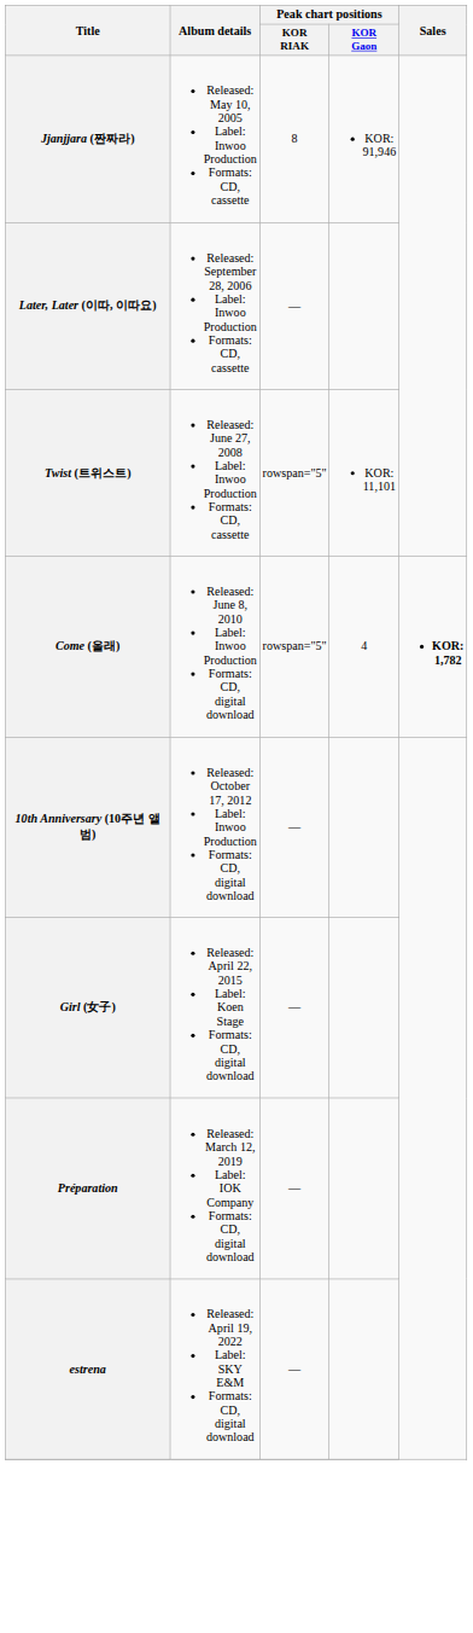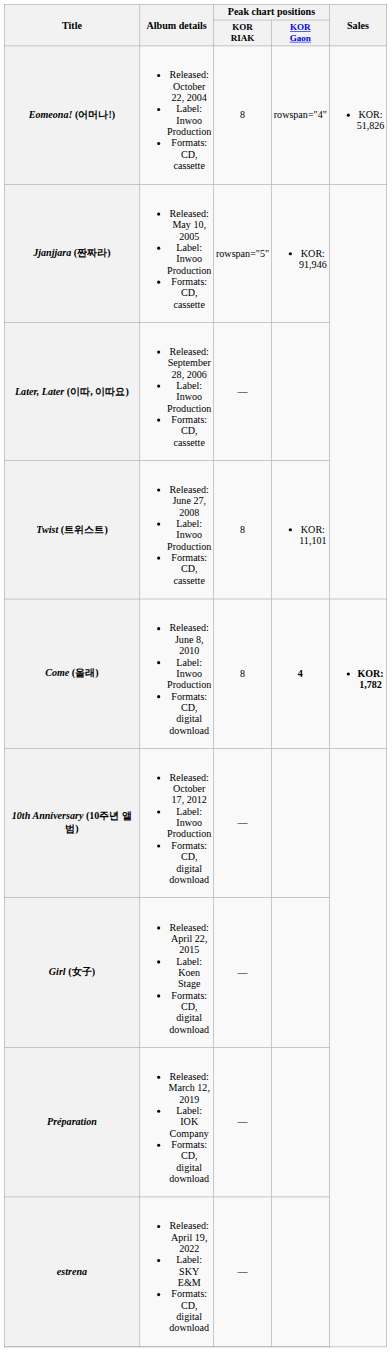 <table class="wikitable plainrowheaders" style="text-align:center;">
 <tr>
 <th rowspan="2" style="width:15em;">Title</th>
 <th rowspan="2">Album details</th>
 <th colspan="2">Peak chart positions</th>
 <th rowspan="2">Sales</th>
 </tr>
 <tr>
 <th scope="col" style="width:3em;font-size:90%;">KOR<br>RIAK<br></th>
 <th scope="col" style="width:3em;font-size:90%;"><a href='#'>KOR<br>Gaon</a><br></th>
 </tr>
 <tr>
+<th scope="row"><em>Eomeona!</em> (어머나!)</th>
+<td><br><ul><li>Released: October 22, 2004</li><li>Label: Inwoo Production</li><li>Formats: CD, cassette</li></ul></td>
+<td>8</td>
+<td>rowspan="4" </td>
+<td><br><ul><li>KOR: 51,826</li></ul></td>
+</tr>
+<tr>
 <th scope="row"><em>Jjanjjara</em> (짠짜라)</th>
 <td><br><ul><li>Released: May 10, 2005</li><li>Label: Inwoo Production</li><li>Formats: CD, cassette</li></ul></td>
-<td>8</td>
+<td>rowspan="5" </td>
 <td><br><ul><li>KOR: 91,946</li></ul></td>
 </tr>
 <tr>
 <th scope="row"><em>Later, Later</em> (이따, 이따요)</th>
 <td><br><ul><li>Released: September 28, 2006</li><li>Label: Inwoo Production</li><li>Formats: CD, cassette</li></ul></td>
 <td>—</td>
 <td></td>
 </tr>
 <tr>
 <th scope="row"><em>Twist</em> (트위스트)</th>
 <td><br><ul><li>Released: June 27, 2008</li><li>Label: Inwoo Production</li><li>Formats: CD, cassette</li></ul></td>
-<td>rowspan="5" </td>
+<td>8</td>
 <td><br><ul><li>KOR: 11,101</li></ul></td>
 </tr>
 <tr>
 <th scope="row"><em>Come</em> (올래)</th>
 <td><br><ul><li>Released: June 8, 2010</li><li>Label: Inwoo Production</li><li>Formats: CD, digital download</li></ul></td>
-<td>rowspan="5" </td>
-<td>4</td>
+<td>8</td>
+<td><strong>4</strong></td>
 <td><strong><br><ul><li>KOR: 1,782</li></ul></strong></td>
 </tr>
 <tr>
 <th scope="row"><em>10th Anniversary</em> (10주년 앨범)</th>
 <td><br><ul><li>Released: October 17, 2012</li><li>Label: Inwoo Production</li><li>Formats: CD, digital download</li></ul></td>
 <td>—</td>
 <td></td>
 </tr>
 <tr>
 <th scope="row"><em>Girl</em> (女子)</th>
 <td><br><ul><li>Released: April 22, 2015</li><li>Label: Koen Stage</li><li>Formats: CD, digital download</li></ul></td>
 <td>—</td>
 <td></td>
 </tr>
 <tr>
 <th scope="row"><em>Préparation</em></th>
 <td><br><ul><li>Released: March 12, 2019</li><li>Label: IOK Company</li><li>Formats: CD, digital download</li></ul></td>
 <td>—</td>
 <td></td>
 </tr>
 <tr>
 <th scope="row"><em>estrena</em></th>
 <td><br><ul><li>Released: April 19, 2022</li><li>Label: SKY E&M</li><li>Formats: CD, digital download</li></ul></td>
 <td>—</td>
 <td></td>
 </tr>
 <tr>
 </tr>
 </table>
